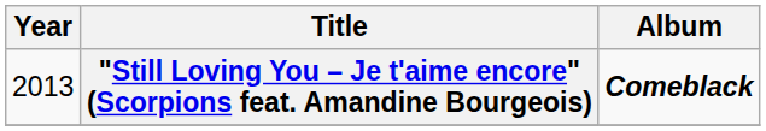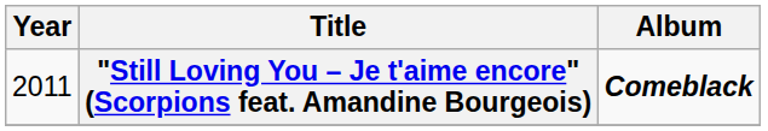 <table class="wikitable plainrowheaders" style="text-align:center;" border="1">
 <tr>
 <th scope="col">Year</th>
 <th scope="col">Title</th>
 <th scope="col">Album</th>
 </tr>
 <tr>
-<td>2013</td>
+<td>2011</td>
 <th scope="row">"<a href='#'>Still Loving You – Je t'aime encore</a>"<span><br>(<a href='#'>Scorpions</a> feat. Amandine Bourgeois)</span></th>
 <td><strong><em>Comeblack</em></strong></td>
 </tr>
 <tr>
 </tr>
 </table>
